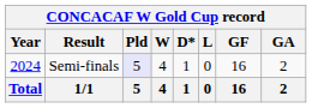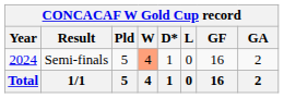 <table class="wikitable"  style="text-align:center;">
 <tr>
 <th colspan=8><a href='#'>CONCACAF W Gold Cup</a> record</th>
 </tr>
 <tr>
 <th>Year</th>
 <th>Result</th>
 <th>Pld</th>
 <th>W</th>
 <th>D*</th>
 <th>L</th>
 <th width=40>GF</th>
 <th width=40>GA</th>
 </tr>
 <tr>
 <td> <a href='#'>2024</a></td>
 <td>Semi-finals</td>
-<td style="background: lavender;">5</td>
-<td>4</td>
+<td>5</td>
+<td style="background: lightsalmon;">4</td>
 <td>1</td>
 <td>0</td>
 <td>16</td>
 <td>2</td>
 </tr>
 <tr>
 <th><a href='#'>Total</a></th>
 <th>1/1</th>
 <th>5</th>
 <th>4</th>
 <th>1</th>
 <th>0</th>
 <th>16</th>
 <th>2</th>
 </tr>
 </table>
